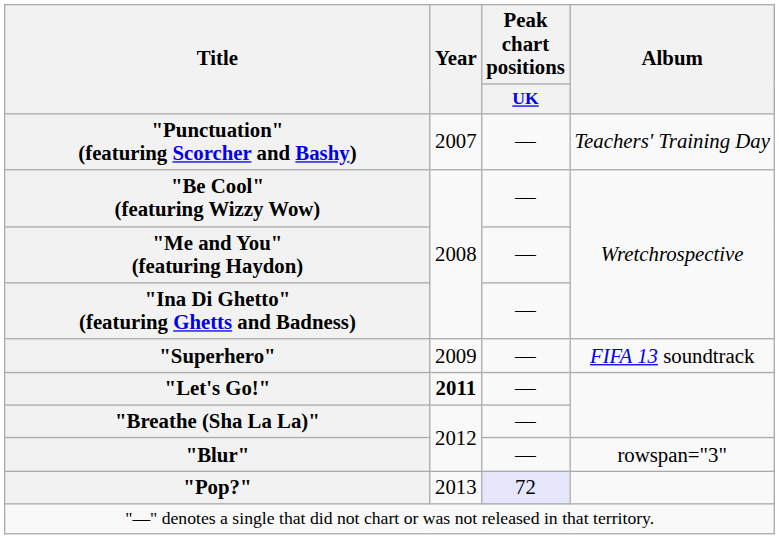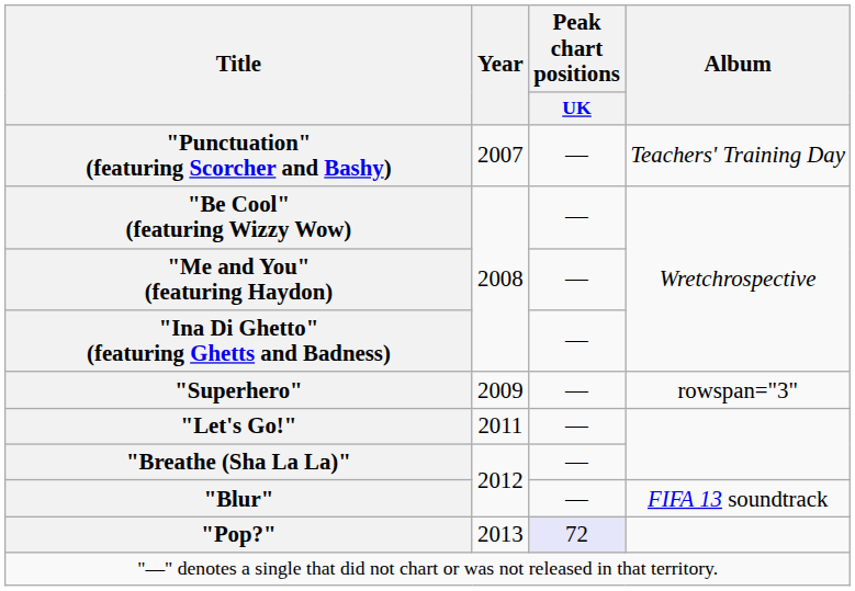 <table class="wikitable plainrowheaders" style="text-align:center;" border="1">
 <tr>
 <th scope="col" rowspan="2" style="width:20em;">Title</th>
 <th scope="col" rowspan="2" style="width:1em;">Year</th>
 <th scope="col" colspan="1">Peak chart positions</th>
 <th scope="col" rowspan="2">Album</th>
 </tr>
 <tr>
 <th scope="col" style="width:3em;font-size:85%;"><a href='#'>UK</a><br></th>
 </tr>
 <tr>
 <th scope="row">"Punctuation"<br><span>(featuring <a href='#'>Scorcher</a> and <a href='#'>Bashy</a>)</span></th>
 <td>2007</td>
 <td>—</td>
 <td><em>Teachers' Training Day</em></td>
 </tr>
 <tr>
 <th scope="row">"Be Cool"<br><span>(featuring Wizzy Wow)</span></th>
 <td rowspan="3">2008</td>
 <td>—</td>
 <td rowspan="3"><em>Wretchrospective</em></td>
 </tr>
 <tr>
 <th scope="row">"Me and You"<br><span>(featuring Haydon)</span></th>
 <td>—</td>
 </tr>
 <tr>
 <th scope="row">"Ina Di Ghetto"<br><span>(featuring <a href='#'>Ghetts</a> and Badness)</span></th>
 <td>—</td>
 </tr>
 <tr>
 <th scope="row">"Superhero"</th>
 <td>2009</td>
 <td>—</td>
-<td><em><a href='#'>FIFA 13</a></em> soundtrack</td>
+<td>rowspan="3" </td>
 </tr>
 <tr>
 <th scope="row">"Let's Go!"</th>
-<td><strong>2011</strong></td>
+<td>2011</td>
 <td>—</td>
 </tr>
 <tr>
 <th scope="row">"Breathe (Sha La La)"</th>
 <td rowspan="2">2012</td>
 <td>—</td>
 </tr>
 <tr>
 <th scope="row">"Blur"</th>
 <td>—</td>
-<td>rowspan="3" </td>
+<td><em><a href='#'>FIFA 13</a></em> soundtrack</td>
 </tr>
 <tr>
 <th scope="row">"Pop?"</th>
 <td>2013</td>
 <td style="background: lavender;">72</td>
 <td></td>
 </tr>
 <tr>
 <td colspan="20" style="font-size:85%">"—" denotes a single that did not chart or was not released in that territory.</td>
 </tr>
 </table>
